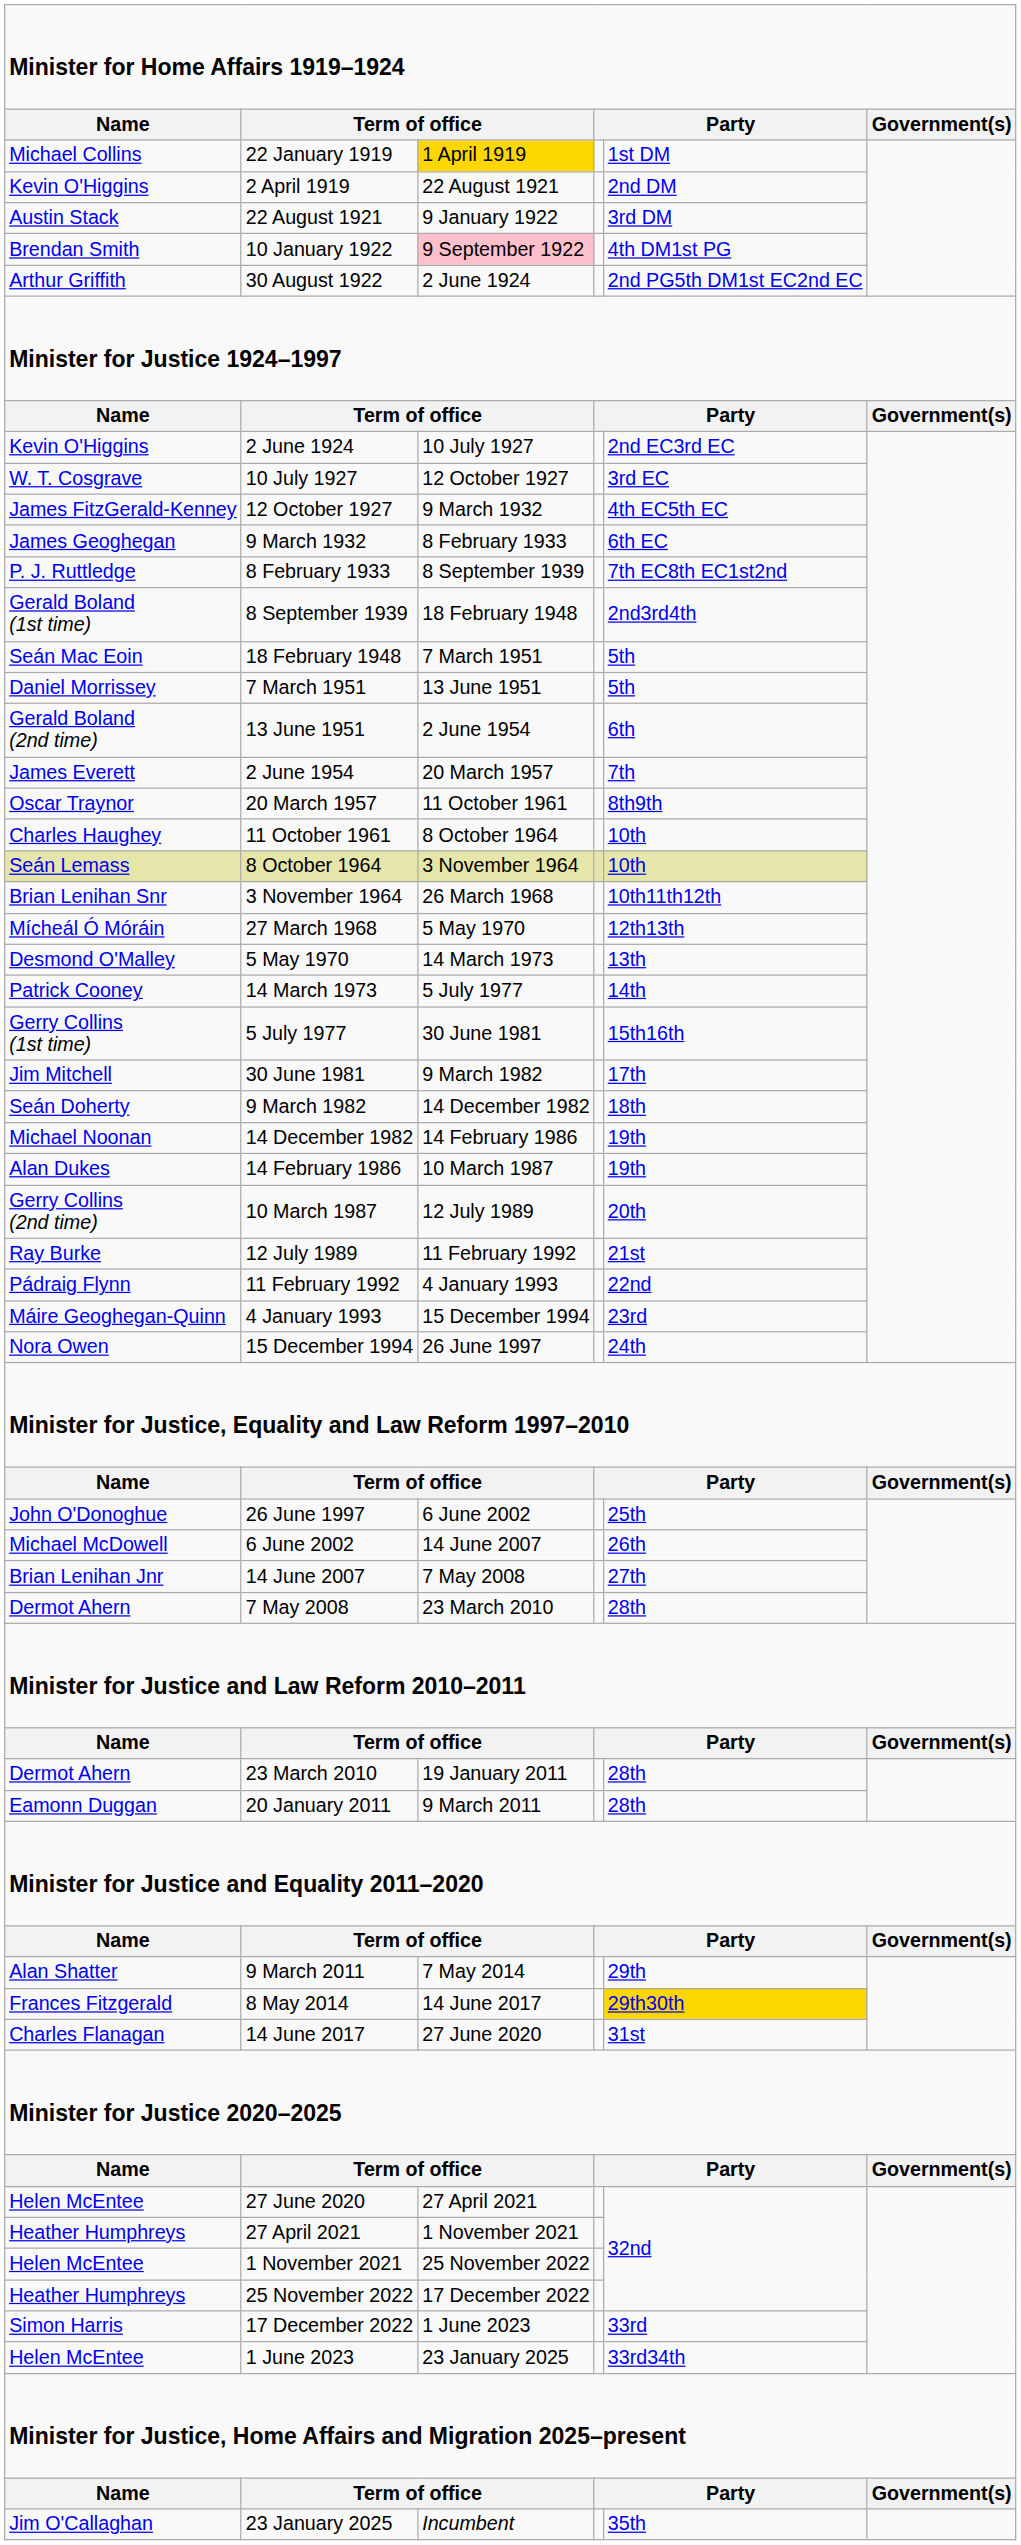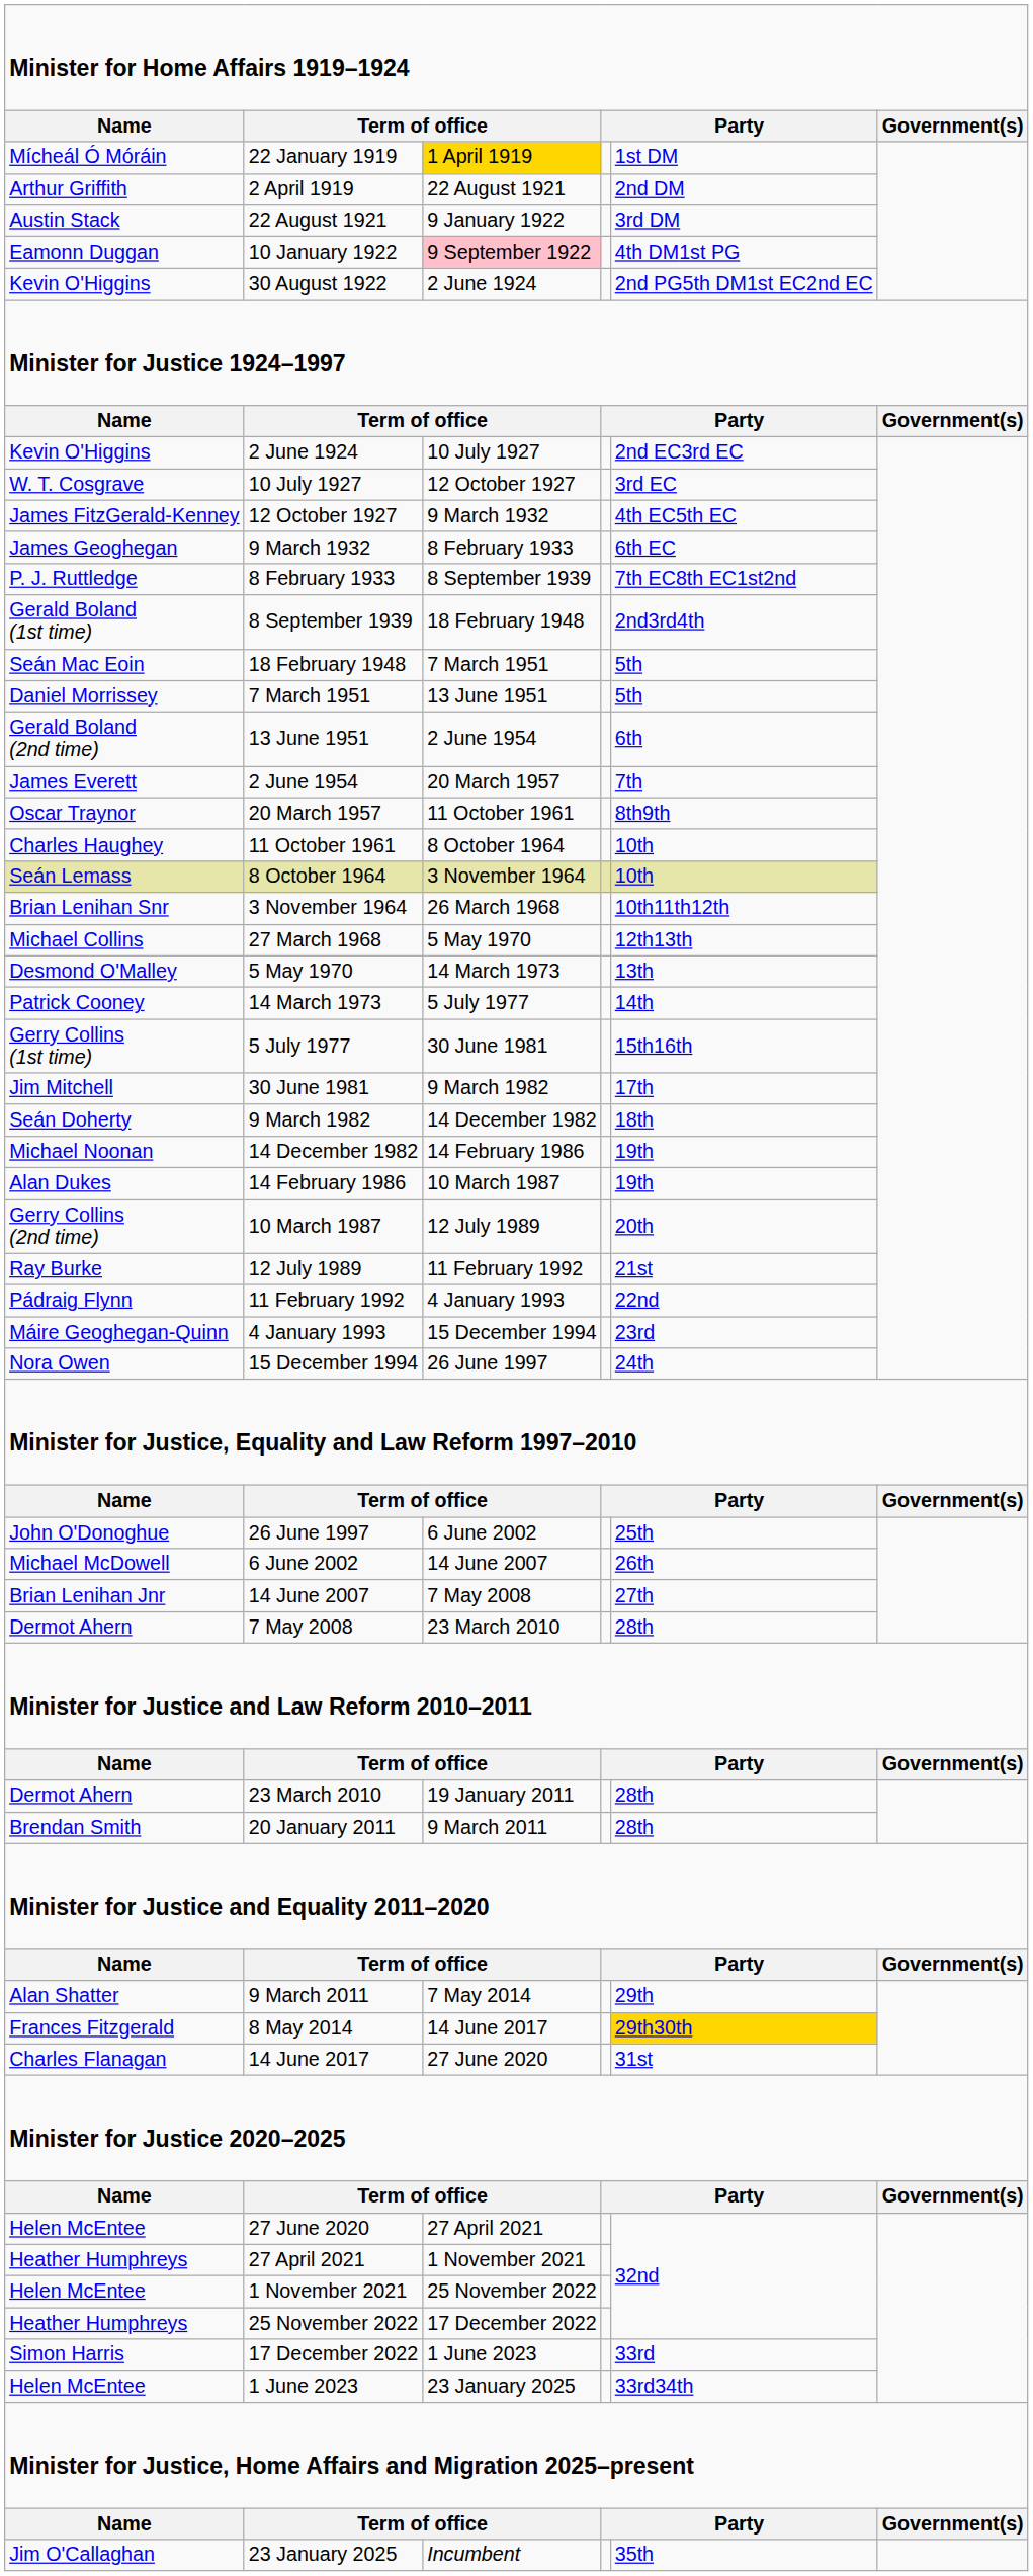 <table class="wikitable">
 <tr>
 <td colspan="6"><br><h3>Minister for Home Affairs 1919–1924</h3></td>
 </tr>
 <tr>
 <th>Name</th>
 <th colspan="2">Term of office</th>
 <th colspan="2">Party</th>
 <th>Government(s)</th>
 </tr>
 <tr>
-<td><a href='#'>Michael Collins</a></td>
+<td><a href='#'>Mícheál Ó Móráin</a></td>
 <td>22 January 1919</td>
 <td style="background: gold;">1 April 1919</td>
 <td></td>
 <td><a href='#'>1st DM</a></td>
 </tr>
 <tr>
-<td><a href='#'>Kevin O'Higgins</a></td>
+<td><a href='#'>Arthur Griffith</a></td>
 <td>2 April 1919</td>
 <td>22 August 1921</td>
 <td></td>
 <td><a href='#'>2nd DM</a></td>
 </tr>
 <tr>
 <td><a href='#'>Austin Stack</a></td>
 <td>22 August 1921</td>
 <td>9 January 1922</td>
 <td></td>
 <td><a href='#'>3rd DM</a></td>
 </tr>
 <tr>
-<td><a href='#'>Brendan Smith</a></td>
+<td><a href='#'>Eamonn Duggan</a></td>
 <td>10 January 1922</td>
 <td style="background: pink;">9 September 1922</td>
 <td></td>
 <td><a href='#'>4th DM</a><a href='#'>1st PG</a></td>
 </tr>
 <tr>
-<td><a href='#'>Arthur Griffith</a></td>
+<td><a href='#'>Kevin O'Higgins</a></td>
 <td>30 August 1922</td>
 <td>2 June 1924</td>
 <td></td>
 <td><a href='#'>2nd PG</a><a href='#'>5th DM</a><a href='#'>1st EC</a><a href='#'>2nd EC</a></td>
 </tr>
 <tr>
 <td colspan="6"><br><h3>Minister for Justice 1924–1997</h3></td>
 </tr>
 <tr>
 <th>Name</th>
 <th colspan="2">Term of office</th>
 <th colspan="2">Party</th>
 <th>Government(s)</th>
 </tr>
 <tr>
 <td><a href='#'>Kevin O'Higgins</a></td>
 <td>2 June 1924</td>
 <td>10 July 1927</td>
 <td></td>
 <td><a href='#'>2nd EC</a><a href='#'>3rd EC</a></td>
 </tr>
 <tr>
 <td><a href='#'>W. T. Cosgrave</a></td>
 <td>10 July 1927</td>
 <td>12 October 1927</td>
 <td></td>
 <td><a href='#'>3rd EC</a></td>
 </tr>
 <tr>
 <td><a href='#'>James FitzGerald-Kenney</a></td>
 <td>12 October 1927</td>
 <td>9 March 1932</td>
 <td></td>
 <td><a href='#'>4th EC</a><a href='#'>5th EC</a></td>
 </tr>
 <tr>
 <td><a href='#'>James Geoghegan</a></td>
 <td>9 March 1932</td>
 <td>8 February 1933</td>
 <td></td>
 <td><a href='#'>6th EC</a></td>
 </tr>
 <tr>
 <td><a href='#'>P. J. Ruttledge</a></td>
 <td>8 February 1933</td>
 <td>8 September 1939</td>
 <td></td>
 <td><a href='#'>7th EC</a><a href='#'>8th EC</a><a href='#'>1st</a><a href='#'>2nd</a></td>
 </tr>
 <tr>
 <td><a href='#'>Gerald Boland</a><br><em>(1st time)</em></td>
 <td>8 September 1939</td>
 <td>18 February 1948</td>
 <td></td>
 <td><a href='#'>2nd</a><a href='#'>3rd</a><a href='#'>4th</a></td>
 </tr>
 <tr>
 <td><a href='#'>Seán Mac Eoin</a></td>
 <td>18 February 1948</td>
 <td>7 March 1951</td>
 <td></td>
 <td><a href='#'>5th</a></td>
 </tr>
 <tr>
 <td><a href='#'>Daniel Morrissey</a></td>
 <td>7 March 1951</td>
 <td>13 June 1951</td>
 <td></td>
 <td><a href='#'>5th</a></td>
 </tr>
 <tr>
 <td><a href='#'>Gerald Boland</a><br><em>(2nd time)</em></td>
 <td>13 June 1951</td>
 <td>2 June 1954</td>
 <td></td>
 <td><a href='#'>6th</a></td>
 </tr>
 <tr>
 <td><a href='#'>James Everett</a></td>
 <td>2 June 1954</td>
 <td>20 March 1957</td>
 <td></td>
 <td><a href='#'>7th</a></td>
 </tr>
 <tr>
 <td><a href='#'>Oscar Traynor</a></td>
 <td>20 March 1957</td>
 <td>11 October 1961</td>
 <td></td>
 <td><a href='#'>8th</a><a href='#'>9th</a></td>
 </tr>
 <tr>
 <td><a href='#'>Charles Haughey</a></td>
 <td>11 October 1961</td>
 <td>8 October 1964</td>
 <td></td>
 <td><a href='#'>10th</a></td>
 </tr>
 <tr bgcolor=#E6E6AA>
 <td><a href='#'>Seán Lemass</a> </td>
 <td>8 October 1964</td>
 <td>3 November 1964</td>
 <td></td>
 <td><a href='#'>10th</a></td>
 </tr>
 <tr>
 <td><a href='#'>Brian Lenihan Snr</a></td>
 <td>3 November 1964</td>
 <td>26 March 1968</td>
 <td></td>
 <td><a href='#'>10th</a><a href='#'>11th</a><a href='#'>12th</a></td>
 </tr>
 <tr>
-<td><a href='#'>Mícheál Ó Móráin</a></td>
+<td><a href='#'>Michael Collins</a></td>
 <td>27 March 1968</td>
 <td>5 May 1970</td>
 <td></td>
 <td><a href='#'>12th</a><a href='#'>13th</a></td>
 </tr>
 <tr>
 <td><a href='#'>Desmond O'Malley</a></td>
 <td>5 May 1970</td>
 <td>14 March 1973</td>
 <td></td>
 <td><a href='#'>13th</a></td>
 </tr>
 <tr>
 <td><a href='#'>Patrick Cooney</a></td>
 <td>14 March 1973</td>
 <td>5 July 1977</td>
 <td></td>
 <td><a href='#'>14th</a></td>
 </tr>
 <tr>
 <td><a href='#'>Gerry Collins</a><br><em>(1st time)</em></td>
 <td>5 July 1977</td>
 <td>30 June 1981</td>
 <td></td>
 <td><a href='#'>15th</a><a href='#'>16th</a></td>
 </tr>
 <tr>
 <td><a href='#'>Jim Mitchell</a></td>
 <td>30 June 1981</td>
 <td>9 March 1982</td>
 <td></td>
 <td><a href='#'>17th</a></td>
 </tr>
 <tr>
 <td><a href='#'>Seán Doherty</a></td>
 <td>9 March 1982</td>
 <td>14 December 1982</td>
 <td></td>
 <td><a href='#'>18th</a></td>
 </tr>
 <tr>
 <td><a href='#'>Michael Noonan</a></td>
 <td>14 December 1982</td>
 <td>14 February 1986</td>
 <td></td>
 <td><a href='#'>19th</a></td>
 </tr>
 <tr>
 <td><a href='#'>Alan Dukes</a></td>
 <td>14 February 1986</td>
 <td>10 March 1987</td>
 <td></td>
 <td><a href='#'>19th</a></td>
 </tr>
 <tr>
 <td><a href='#'>Gerry Collins</a><br><em>(2nd time)</em></td>
 <td>10 March 1987</td>
 <td>12 July 1989</td>
 <td></td>
 <td><a href='#'>20th</a></td>
 </tr>
 <tr>
 <td><a href='#'>Ray Burke</a></td>
 <td>12 July 1989</td>
 <td>11 February 1992</td>
 <td></td>
 <td><a href='#'>21st</a></td>
 </tr>
 <tr>
 <td><a href='#'>Pádraig Flynn</a></td>
 <td>11 February 1992</td>
 <td>4 January 1993</td>
 <td></td>
 <td><a href='#'>22nd</a></td>
 </tr>
 <tr>
 <td><a href='#'>Máire Geoghegan-Quinn</a></td>
 <td>4 January 1993</td>
 <td>15 December 1994</td>
 <td></td>
 <td><a href='#'>23rd</a></td>
 </tr>
 <tr>
 <td><a href='#'>Nora Owen</a></td>
 <td>15 December 1994</td>
 <td>26 June 1997</td>
 <td></td>
 <td><a href='#'>24th</a></td>
 </tr>
 <tr>
 <td colspan="6"><br><h3>Minister for Justice, Equality and Law Reform 1997–2010</h3></td>
 </tr>
 <tr>
 <th>Name</th>
 <th colspan="2">Term of office</th>
 <th colspan="2">Party</th>
 <th>Government(s)</th>
 </tr>
 <tr>
 <td><a href='#'>John O'Donoghue</a></td>
 <td>26 June 1997</td>
 <td>6 June 2002</td>
 <td></td>
 <td><a href='#'>25th</a></td>
 </tr>
 <tr>
 <td><a href='#'>Michael McDowell</a></td>
 <td>6 June 2002</td>
 <td>14 June 2007</td>
 <td></td>
 <td><a href='#'>26th</a></td>
 </tr>
 <tr>
 <td><a href='#'>Brian Lenihan Jnr</a></td>
 <td>14 June 2007</td>
 <td>7 May 2008</td>
 <td></td>
 <td><a href='#'>27th</a></td>
 </tr>
 <tr>
 <td><a href='#'>Dermot Ahern</a></td>
 <td>7 May 2008</td>
 <td>23 March 2010</td>
 <td></td>
 <td><a href='#'>28th</a></td>
 </tr>
 <tr>
 <td colspan="6"><br><h3>Minister for Justice and Law Reform 2010–2011</h3></td>
 </tr>
 <tr>
 <th>Name</th>
 <th colspan="2">Term of office</th>
 <th colspan="2">Party</th>
 <th>Government(s)</th>
 </tr>
 <tr>
 <td><a href='#'>Dermot Ahern</a></td>
 <td>23 March 2010</td>
 <td>19 January 2011</td>
 <td></td>
 <td><a href='#'>28th</a></td>
 </tr>
 <tr>
-<td><a href='#'>Eamonn Duggan</a></td>
+<td><a href='#'>Brendan Smith</a></td>
 <td>20 January 2011</td>
 <td>9 March 2011</td>
 <td></td>
 <td><a href='#'>28th</a></td>
 </tr>
 <tr>
 <td colspan="6"><br><h3>Minister for Justice and Equality 2011–2020</h3></td>
 </tr>
 <tr>
 <th>Name</th>
 <th colspan="2">Term of office</th>
 <th colspan="2">Party</th>
 <th>Government(s)</th>
 </tr>
 <tr>
 <td><a href='#'>Alan Shatter</a></td>
 <td>9 March 2011</td>
 <td>7 May 2014</td>
 <td></td>
 <td><a href='#'>29th</a></td>
 </tr>
 <tr>
 <td><a href='#'>Frances Fitzgerald</a></td>
 <td>8 May 2014</td>
 <td>14 June 2017</td>
 <td></td>
 <td style="background: gold;"><a href='#'>29th</a><a href='#'>30th</a></td>
 </tr>
 <tr>
 <td><a href='#'>Charles Flanagan</a></td>
 <td>14 June 2017</td>
 <td>27 June 2020</td>
 <td></td>
 <td><a href='#'>31st</a></td>
 </tr>
 <tr>
 <td colspan="6"><br><h3>Minister for Justice 2020–2025</h3></td>
 </tr>
 <tr>
 <th>Name</th>
 <th colspan="2">Term of office</th>
 <th colspan="2">Party</th>
 <th>Government(s)</th>
 </tr>
 <tr>
 <td><a href='#'>Helen McEntee</a></td>
 <td>27 June 2020</td>
 <td>27 April 2021</td>
 <td></td>
 <td rowspan=4><a href='#'>32nd</a></td>
 </tr>
 <tr>
 <td><a href='#'>Heather Humphreys</a></td>
 <td>27 April 2021</td>
 <td>1 November 2021</td>
 <td></td>
 </tr>
 <tr>
 <td><a href='#'>Helen McEntee</a></td>
 <td>1 November 2021</td>
 <td>25 November 2022</td>
 <td></td>
 </tr>
 <tr>
 <td><a href='#'>Heather Humphreys</a></td>
 <td>25 November 2022</td>
 <td>17 December 2022</td>
 <td></td>
 </tr>
 <tr>
 <td><a href='#'>Simon Harris</a></td>
 <td>17 December 2022</td>
 <td>1 June 2023</td>
 <td></td>
 <td><a href='#'>33rd</a></td>
 </tr>
 <tr>
 <td><a href='#'>Helen McEntee</a></td>
 <td>1 June 2023</td>
 <td>23 January 2025</td>
 <td></td>
 <td><a href='#'>33rd</a><a href='#'>34th</a></td>
 </tr>
 <tr>
 <td colspan="6"><br><h3>Minister for Justice, Home Affairs and Migration 2025–present</h3></td>
 </tr>
 <tr>
 <th>Name</th>
 <th colspan="2">Term of office</th>
 <th colspan="2">Party</th>
 <th>Government(s)</th>
 </tr>
 <tr>
 <td><a href='#'>Jim O'Callaghan</a></td>
 <td>23 January 2025</td>
 <td><em>Incumbent</em></td>
 <td></td>
 <td><a href='#'>35th</a></td>
 </tr>
 </table>
